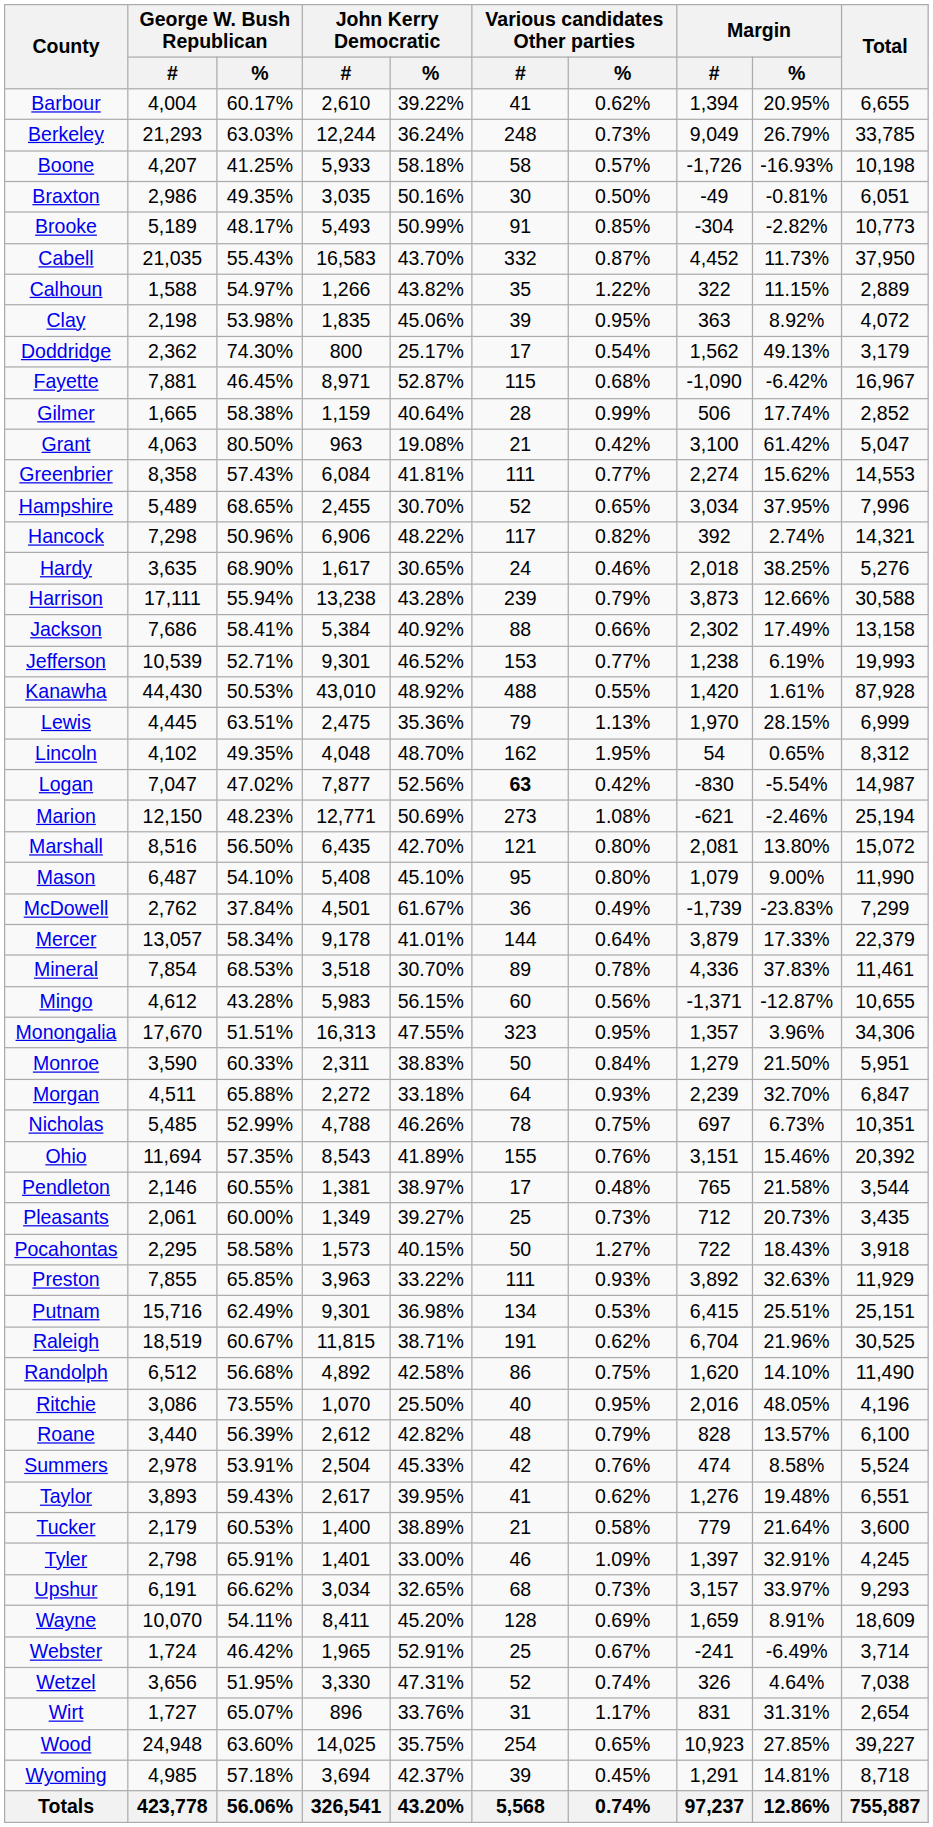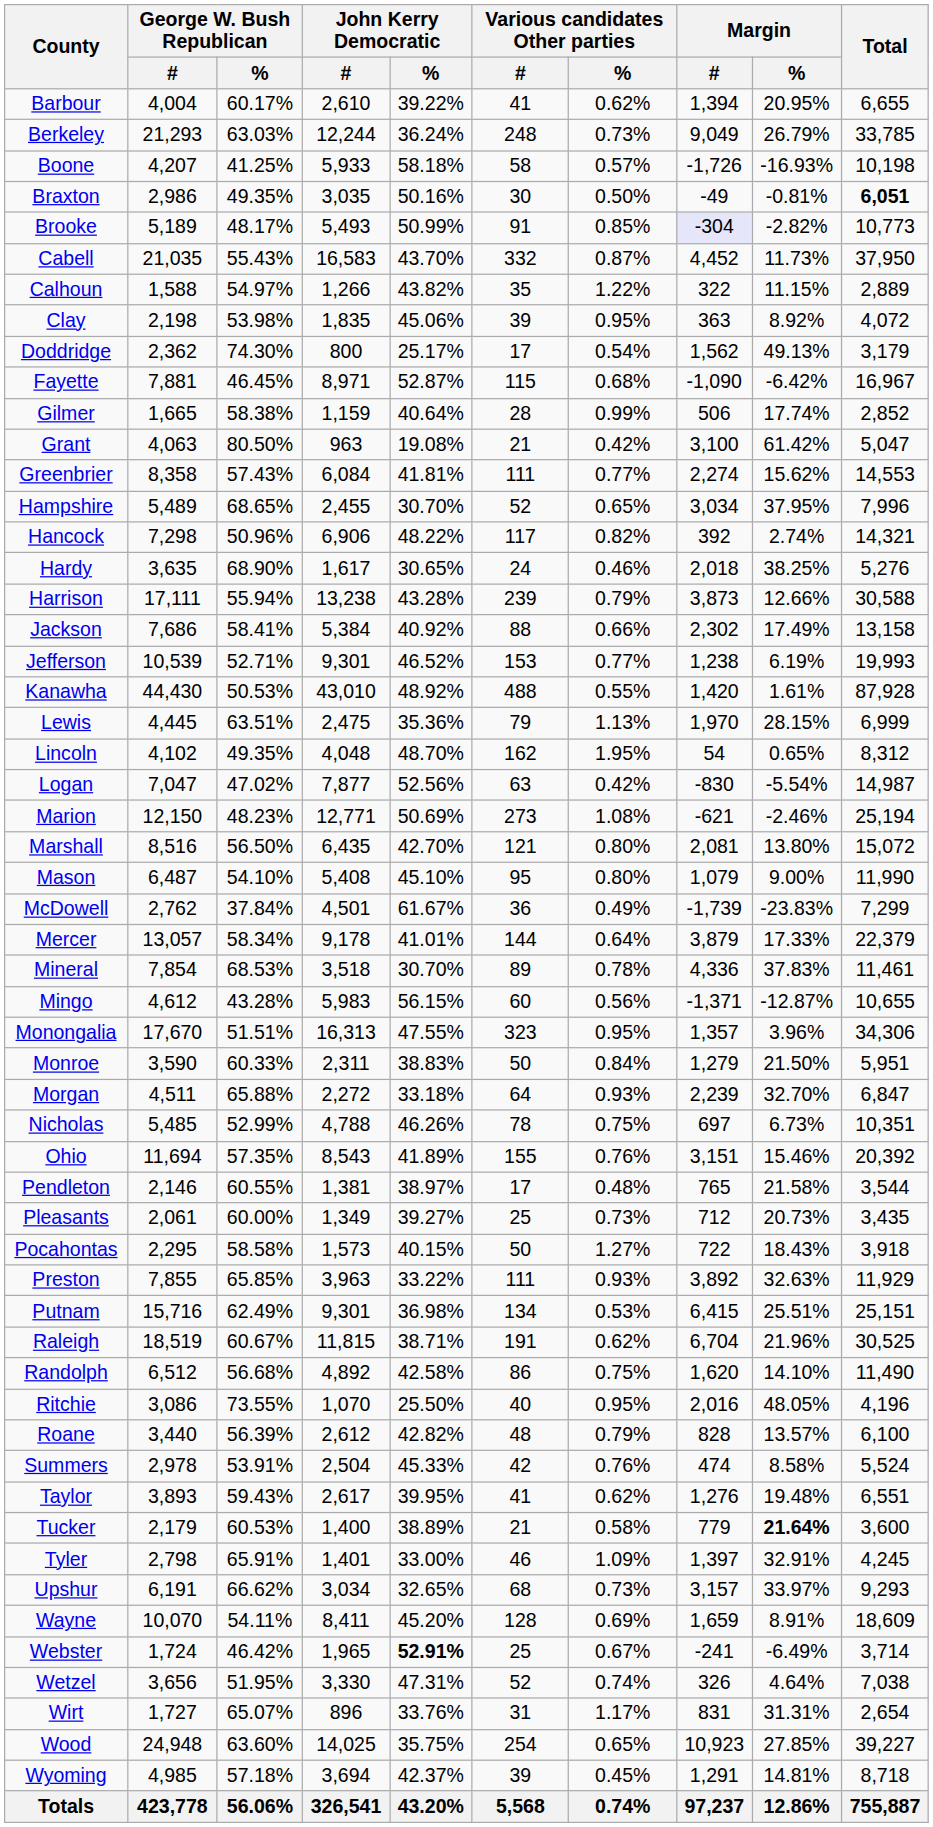 <table width="60%" class="wikitable sortable">
 <tr>
 <th rowspan="2">County</th>
 <th colspan="2">George W. Bush<br>Republican</th>
 <th colspan="2">John Kerry<br>Democratic</th>
 <th colspan="2">Various candidates<br>Other parties</th>
 <th colspan="2">Margin</th>
 <th rowspan="2">Total</th>
 </tr>
 <tr>
 <th style="text-align:center;" data-sort-type="number">#</th>
 <th style="text-align:center;" data-sort-type="number">%</th>
 <th style="text-align:center;" data-sort-type="number">#</th>
 <th style="text-align:center;" data-sort-type="number">%</th>
 <th style="text-align:center;" data-sort-type="number">#</th>
 <th style="text-align:center;" data-sort-type="number">%</th>
 <th style="text-align:center;" data-sort-type="number">#</th>
 <th style="text-align:center;" data-sort-type="number">%</th>
 </tr>
 <tr style="text-align:center;">
 <td><a href='#'>Barbour</a></td>
 <td>4,004</td>
 <td>60.17%</td>
 <td>2,610</td>
 <td>39.22%</td>
 <td>41</td>
 <td>0.62%</td>
 <td>1,394</td>
 <td>20.95%</td>
 <td>6,655</td>
 </tr>
 <tr style="text-align:center;">
 <td><a href='#'>Berkeley</a></td>
 <td>21,293</td>
 <td>63.03%</td>
 <td>12,244</td>
 <td>36.24%</td>
 <td>248</td>
 <td>0.73%</td>
 <td>9,049</td>
 <td>26.79%</td>
 <td>33,785</td>
 </tr>
 <tr style="text-align:center;">
 <td><a href='#'>Boone</a></td>
 <td>4,207</td>
 <td>41.25%</td>
 <td>5,933</td>
 <td>58.18%</td>
 <td>58</td>
 <td>0.57%</td>
 <td>-1,726</td>
 <td>-16.93%</td>
 <td>10,198</td>
 </tr>
 <tr style="text-align:center;">
 <td><a href='#'>Braxton</a></td>
 <td>2,986</td>
 <td>49.35%</td>
 <td>3,035</td>
 <td>50.16%</td>
 <td>30</td>
 <td>0.50%</td>
 <td>-49</td>
 <td>-0.81%</td>
-<td>6,051</td>
+<td><strong>6,051</strong></td>
 </tr>
 <tr style="text-align:center;">
 <td><a href='#'>Brooke</a></td>
 <td>5,189</td>
 <td>48.17%</td>
 <td>5,493</td>
 <td>50.99%</td>
 <td>91</td>
 <td>0.85%</td>
-<td>-304</td>
+<td style="background: lavender;">-304</td>
 <td>-2.82%</td>
 <td>10,773</td>
 </tr>
 <tr style="text-align:center;">
 <td><a href='#'>Cabell</a></td>
 <td>21,035</td>
 <td>55.43%</td>
 <td>16,583</td>
 <td>43.70%</td>
 <td>332</td>
 <td>0.87%</td>
 <td>4,452</td>
 <td>11.73%</td>
 <td>37,950</td>
 </tr>
 <tr style="text-align:center;">
 <td><a href='#'>Calhoun</a></td>
 <td>1,588</td>
 <td>54.97%</td>
 <td>1,266</td>
 <td>43.82%</td>
 <td>35</td>
 <td>1.22%</td>
 <td>322</td>
 <td>11.15%</td>
 <td>2,889</td>
 </tr>
 <tr style="text-align:center;">
 <td><a href='#'>Clay</a></td>
 <td>2,198</td>
 <td>53.98%</td>
 <td>1,835</td>
 <td>45.06%</td>
 <td>39</td>
 <td>0.95%</td>
 <td>363</td>
 <td>8.92%</td>
 <td>4,072</td>
 </tr>
 <tr style="text-align:center;">
 <td><a href='#'>Doddridge</a></td>
 <td>2,362</td>
 <td>74.30%</td>
 <td>800</td>
 <td>25.17%</td>
 <td>17</td>
 <td>0.54%</td>
 <td>1,562</td>
 <td>49.13%</td>
 <td>3,179</td>
 </tr>
 <tr style="text-align:center;">
 <td><a href='#'>Fayette</a></td>
 <td>7,881</td>
 <td>46.45%</td>
 <td>8,971</td>
 <td>52.87%</td>
 <td>115</td>
 <td>0.68%</td>
 <td>-1,090</td>
 <td>-6.42%</td>
 <td>16,967</td>
 </tr>
 <tr style="text-align:center;">
 <td><a href='#'>Gilmer</a></td>
 <td>1,665</td>
 <td>58.38%</td>
 <td>1,159</td>
 <td>40.64%</td>
 <td>28</td>
 <td>0.99%</td>
 <td>506</td>
 <td>17.74%</td>
 <td>2,852</td>
 </tr>
 <tr style="text-align:center;">
 <td><a href='#'>Grant</a></td>
 <td>4,063</td>
 <td>80.50%</td>
 <td>963</td>
 <td>19.08%</td>
 <td>21</td>
 <td>0.42%</td>
 <td>3,100</td>
 <td>61.42%</td>
 <td>5,047</td>
 </tr>
 <tr style="text-align:center;">
 <td><a href='#'>Greenbrier</a></td>
 <td>8,358</td>
 <td>57.43%</td>
 <td>6,084</td>
 <td>41.81%</td>
 <td>111</td>
 <td>0.77%</td>
 <td>2,274</td>
 <td>15.62%</td>
 <td>14,553</td>
 </tr>
 <tr style="text-align:center;">
 <td><a href='#'>Hampshire</a></td>
 <td>5,489</td>
 <td>68.65%</td>
 <td>2,455</td>
 <td>30.70%</td>
 <td>52</td>
 <td>0.65%</td>
 <td>3,034</td>
 <td>37.95%</td>
 <td>7,996</td>
 </tr>
 <tr style="text-align:center;">
 <td><a href='#'>Hancock</a></td>
 <td>7,298</td>
 <td>50.96%</td>
 <td>6,906</td>
 <td>48.22%</td>
 <td>117</td>
 <td>0.82%</td>
 <td>392</td>
 <td>2.74%</td>
 <td>14,321</td>
 </tr>
 <tr style="text-align:center;">
 <td><a href='#'>Hardy</a></td>
 <td>3,635</td>
 <td>68.90%</td>
 <td>1,617</td>
 <td>30.65%</td>
 <td>24</td>
 <td>0.46%</td>
 <td>2,018</td>
 <td>38.25%</td>
 <td>5,276</td>
 </tr>
 <tr style="text-align:center;">
 <td><a href='#'>Harrison</a></td>
 <td>17,111</td>
 <td>55.94%</td>
 <td>13,238</td>
 <td>43.28%</td>
 <td>239</td>
 <td>0.79%</td>
 <td>3,873</td>
 <td>12.66%</td>
 <td>30,588</td>
 </tr>
 <tr style="text-align:center;">
 <td><a href='#'>Jackson</a></td>
 <td>7,686</td>
 <td>58.41%</td>
 <td>5,384</td>
 <td>40.92%</td>
 <td>88</td>
 <td>0.66%</td>
 <td>2,302</td>
 <td>17.49%</td>
 <td>13,158</td>
 </tr>
 <tr style="text-align:center;">
 <td><a href='#'>Jefferson</a></td>
 <td>10,539</td>
 <td>52.71%</td>
 <td>9,301</td>
 <td>46.52%</td>
 <td>153</td>
 <td>0.77%</td>
 <td>1,238</td>
 <td>6.19%</td>
 <td>19,993</td>
 </tr>
 <tr style="text-align:center;">
 <td><a href='#'>Kanawha</a></td>
 <td>44,430</td>
 <td>50.53%</td>
 <td>43,010</td>
 <td>48.92%</td>
 <td>488</td>
 <td>0.55%</td>
 <td>1,420</td>
 <td>1.61%</td>
 <td>87,928</td>
 </tr>
 <tr style="text-align:center;">
 <td><a href='#'>Lewis</a></td>
 <td>4,445</td>
 <td>63.51%</td>
 <td>2,475</td>
 <td>35.36%</td>
 <td>79</td>
 <td>1.13%</td>
 <td>1,970</td>
 <td>28.15%</td>
 <td>6,999</td>
 </tr>
 <tr style="text-align:center;">
 <td><a href='#'>Lincoln</a></td>
 <td>4,102</td>
 <td>49.35%</td>
 <td>4,048</td>
 <td>48.70%</td>
 <td>162</td>
 <td>1.95%</td>
 <td>54</td>
 <td>0.65%</td>
 <td>8,312</td>
 </tr>
 <tr style="text-align:center;">
 <td><a href='#'>Logan</a></td>
 <td>7,047</td>
 <td>47.02%</td>
 <td>7,877</td>
 <td>52.56%</td>
-<td><strong>63</strong></td>
+<td>63</td>
 <td>0.42%</td>
 <td>-830</td>
 <td>-5.54%</td>
 <td>14,987</td>
 </tr>
 <tr style="text-align:center;">
 <td><a href='#'>Marion</a></td>
 <td>12,150</td>
 <td>48.23%</td>
 <td>12,771</td>
 <td>50.69%</td>
 <td>273</td>
 <td>1.08%</td>
 <td>-621</td>
 <td>-2.46%</td>
 <td>25,194</td>
 </tr>
 <tr style="text-align:center;">
 <td><a href='#'>Marshall</a></td>
 <td>8,516</td>
 <td>56.50%</td>
 <td>6,435</td>
 <td>42.70%</td>
 <td>121</td>
 <td>0.80%</td>
 <td>2,081</td>
 <td>13.80%</td>
 <td>15,072</td>
 </tr>
 <tr style="text-align:center;">
 <td><a href='#'>Mason</a></td>
 <td>6,487</td>
 <td>54.10%</td>
 <td>5,408</td>
 <td>45.10%</td>
 <td>95</td>
 <td>0.80%</td>
 <td>1,079</td>
 <td>9.00%</td>
 <td>11,990</td>
 </tr>
 <tr style="text-align:center;">
 <td><a href='#'>McDowell</a></td>
 <td>2,762</td>
 <td>37.84%</td>
 <td>4,501</td>
 <td>61.67%</td>
 <td>36</td>
 <td>0.49%</td>
 <td>-1,739</td>
 <td>-23.83%</td>
 <td>7,299</td>
 </tr>
 <tr style="text-align:center;">
 <td><a href='#'>Mercer</a></td>
 <td>13,057</td>
 <td>58.34%</td>
 <td>9,178</td>
 <td>41.01%</td>
 <td>144</td>
 <td>0.64%</td>
 <td>3,879</td>
 <td>17.33%</td>
 <td>22,379</td>
 </tr>
 <tr style="text-align:center;">
 <td><a href='#'>Mineral</a></td>
 <td>7,854</td>
 <td>68.53%</td>
 <td>3,518</td>
 <td>30.70%</td>
 <td>89</td>
 <td>0.78%</td>
 <td>4,336</td>
 <td>37.83%</td>
 <td>11,461</td>
 </tr>
 <tr style="text-align:center;">
 <td><a href='#'>Mingo</a></td>
 <td>4,612</td>
 <td>43.28%</td>
 <td>5,983</td>
 <td>56.15%</td>
 <td>60</td>
 <td>0.56%</td>
 <td>-1,371</td>
 <td>-12.87%</td>
 <td>10,655</td>
 </tr>
 <tr style="text-align:center;">
 <td><a href='#'>Monongalia</a></td>
 <td>17,670</td>
 <td>51.51%</td>
 <td>16,313</td>
 <td>47.55%</td>
 <td>323</td>
 <td>0.95%</td>
 <td>1,357</td>
 <td>3.96%</td>
 <td>34,306</td>
 </tr>
 <tr style="text-align:center;">
 <td><a href='#'>Monroe</a></td>
 <td>3,590</td>
 <td>60.33%</td>
 <td>2,311</td>
 <td>38.83%</td>
 <td>50</td>
 <td>0.84%</td>
 <td>1,279</td>
 <td>21.50%</td>
 <td>5,951</td>
 </tr>
 <tr style="text-align:center;">
 <td><a href='#'>Morgan</a></td>
 <td>4,511</td>
 <td>65.88%</td>
 <td>2,272</td>
 <td>33.18%</td>
 <td>64</td>
 <td>0.93%</td>
 <td>2,239</td>
 <td>32.70%</td>
 <td>6,847</td>
 </tr>
 <tr style="text-align:center;">
 <td><a href='#'>Nicholas</a></td>
 <td>5,485</td>
 <td>52.99%</td>
 <td>4,788</td>
 <td>46.26%</td>
 <td>78</td>
 <td>0.75%</td>
 <td>697</td>
 <td>6.73%</td>
 <td>10,351</td>
 </tr>
 <tr style="text-align:center;">
 <td><a href='#'>Ohio</a></td>
 <td>11,694</td>
 <td>57.35%</td>
 <td>8,543</td>
 <td>41.89%</td>
 <td>155</td>
 <td>0.76%</td>
 <td>3,151</td>
 <td>15.46%</td>
 <td>20,392</td>
 </tr>
 <tr style="text-align:center;">
 <td><a href='#'>Pendleton</a></td>
 <td>2,146</td>
 <td>60.55%</td>
 <td>1,381</td>
 <td>38.97%</td>
 <td>17</td>
 <td>0.48%</td>
 <td>765</td>
 <td>21.58%</td>
 <td>3,544</td>
 </tr>
 <tr style="text-align:center;">
 <td><a href='#'>Pleasants</a></td>
 <td>2,061</td>
 <td>60.00%</td>
 <td>1,349</td>
 <td>39.27%</td>
 <td>25</td>
 <td>0.73%</td>
 <td>712</td>
 <td>20.73%</td>
 <td>3,435</td>
 </tr>
 <tr style="text-align:center;">
 <td><a href='#'>Pocahontas</a></td>
 <td>2,295</td>
 <td>58.58%</td>
 <td>1,573</td>
 <td>40.15%</td>
 <td>50</td>
 <td>1.27%</td>
 <td>722</td>
 <td>18.43%</td>
 <td>3,918</td>
 </tr>
 <tr style="text-align:center;">
 <td><a href='#'>Preston</a></td>
 <td>7,855</td>
 <td>65.85%</td>
 <td>3,963</td>
 <td>33.22%</td>
 <td>111</td>
 <td>0.93%</td>
 <td>3,892</td>
 <td>32.63%</td>
 <td>11,929</td>
 </tr>
 <tr style="text-align:center;">
 <td><a href='#'>Putnam</a></td>
 <td>15,716</td>
 <td>62.49%</td>
 <td>9,301</td>
 <td>36.98%</td>
 <td>134</td>
 <td>0.53%</td>
 <td>6,415</td>
 <td>25.51%</td>
 <td>25,151</td>
 </tr>
 <tr style="text-align:center;">
 <td><a href='#'>Raleigh</a></td>
 <td>18,519</td>
 <td>60.67%</td>
 <td>11,815</td>
 <td>38.71%</td>
 <td>191</td>
 <td>0.62%</td>
 <td>6,704</td>
 <td>21.96%</td>
 <td>30,525</td>
 </tr>
 <tr style="text-align:center;">
 <td><a href='#'>Randolph</a></td>
 <td>6,512</td>
 <td>56.68%</td>
 <td>4,892</td>
 <td>42.58%</td>
 <td>86</td>
 <td>0.75%</td>
 <td>1,620</td>
 <td>14.10%</td>
 <td>11,490</td>
 </tr>
 <tr style="text-align:center;">
 <td><a href='#'>Ritchie</a></td>
 <td>3,086</td>
 <td>73.55%</td>
 <td>1,070</td>
 <td>25.50%</td>
 <td>40</td>
 <td>0.95%</td>
 <td>2,016</td>
 <td>48.05%</td>
 <td>4,196</td>
 </tr>
 <tr style="text-align:center;">
 <td><a href='#'>Roane</a></td>
 <td>3,440</td>
 <td>56.39%</td>
 <td>2,612</td>
 <td>42.82%</td>
 <td>48</td>
 <td>0.79%</td>
 <td>828</td>
 <td>13.57%</td>
 <td>6,100</td>
 </tr>
 <tr style="text-align:center;">
 <td><a href='#'>Summers</a></td>
 <td>2,978</td>
 <td>53.91%</td>
 <td>2,504</td>
 <td>45.33%</td>
 <td>42</td>
 <td>0.76%</td>
 <td>474</td>
 <td>8.58%</td>
 <td>5,524</td>
 </tr>
 <tr style="text-align:center;">
 <td><a href='#'>Taylor</a></td>
 <td>3,893</td>
 <td>59.43%</td>
 <td>2,617</td>
 <td>39.95%</td>
 <td>41</td>
 <td>0.62%</td>
 <td>1,276</td>
 <td>19.48%</td>
 <td>6,551</td>
 </tr>
 <tr style="text-align:center;">
 <td><a href='#'>Tucker</a></td>
 <td>2,179</td>
 <td>60.53%</td>
 <td>1,400</td>
 <td>38.89%</td>
 <td>21</td>
 <td>0.58%</td>
 <td>779</td>
-<td>21.64%</td>
+<td><strong>21.64%</strong></td>
 <td>3,600</td>
 </tr>
 <tr style="text-align:center;">
 <td><a href='#'>Tyler</a></td>
 <td>2,798</td>
 <td>65.91%</td>
 <td>1,401</td>
 <td>33.00%</td>
 <td>46</td>
 <td>1.09%</td>
 <td>1,397</td>
 <td>32.91%</td>
 <td>4,245</td>
 </tr>
 <tr style="text-align:center;">
 <td><a href='#'>Upshur</a></td>
 <td>6,191</td>
 <td>66.62%</td>
 <td>3,034</td>
 <td>32.65%</td>
 <td>68</td>
 <td>0.73%</td>
 <td>3,157</td>
 <td>33.97%</td>
 <td>9,293</td>
 </tr>
 <tr style="text-align:center;">
 <td><a href='#'>Wayne</a></td>
 <td>10,070</td>
 <td>54.11%</td>
 <td>8,411</td>
 <td>45.20%</td>
 <td>128</td>
 <td>0.69%</td>
 <td>1,659</td>
 <td>8.91%</td>
 <td>18,609</td>
 </tr>
 <tr style="text-align:center;">
 <td><a href='#'>Webster</a></td>
 <td>1,724</td>
 <td>46.42%</td>
 <td>1,965</td>
-<td>52.91%</td>
+<td><strong>52.91%</strong></td>
 <td>25</td>
 <td>0.67%</td>
 <td>-241</td>
 <td>-6.49%</td>
 <td>3,714</td>
 </tr>
 <tr style="text-align:center;">
 <td><a href='#'>Wetzel</a></td>
 <td>3,656</td>
 <td>51.95%</td>
 <td>3,330</td>
 <td>47.31%</td>
 <td>52</td>
 <td>0.74%</td>
 <td>326</td>
 <td>4.64%</td>
 <td>7,038</td>
 </tr>
 <tr style="text-align:center;">
 <td><a href='#'>Wirt</a></td>
 <td>1,727</td>
 <td>65.07%</td>
 <td>896</td>
 <td>33.76%</td>
 <td>31</td>
 <td>1.17%</td>
 <td>831</td>
 <td>31.31%</td>
 <td>2,654</td>
 </tr>
 <tr style="text-align:center;">
 <td><a href='#'>Wood</a></td>
 <td>24,948</td>
 <td>63.60%</td>
 <td>14,025</td>
 <td>35.75%</td>
 <td>254</td>
 <td>0.65%</td>
 <td>10,923</td>
 <td>27.85%</td>
 <td>39,227</td>
 </tr>
 <tr style="text-align:center;">
 <td><a href='#'>Wyoming</a></td>
 <td>4,985</td>
 <td>57.18%</td>
 <td>3,694</td>
 <td>42.37%</td>
 <td>39</td>
 <td>0.45%</td>
 <td>1,291</td>
 <td>14.81%</td>
 <td>8,718</td>
 </tr>
 <tr>
 <th>Totals</th>
 <th>423,778</th>
 <th>56.06%</th>
 <th>326,541</th>
 <th>43.20%</th>
 <th>5,568</th>
 <th>0.74%</th>
 <th>97,237</th>
 <th>12.86%</th>
 <th>755,887</th>
 </tr>
 </table>
